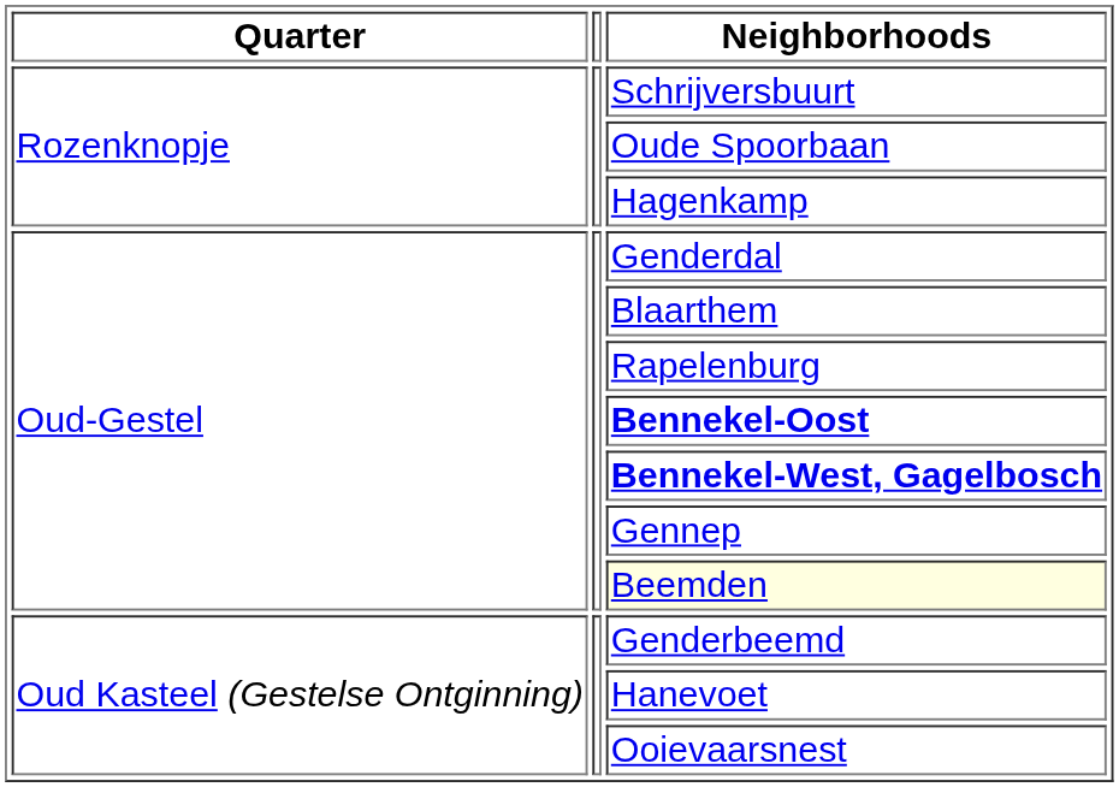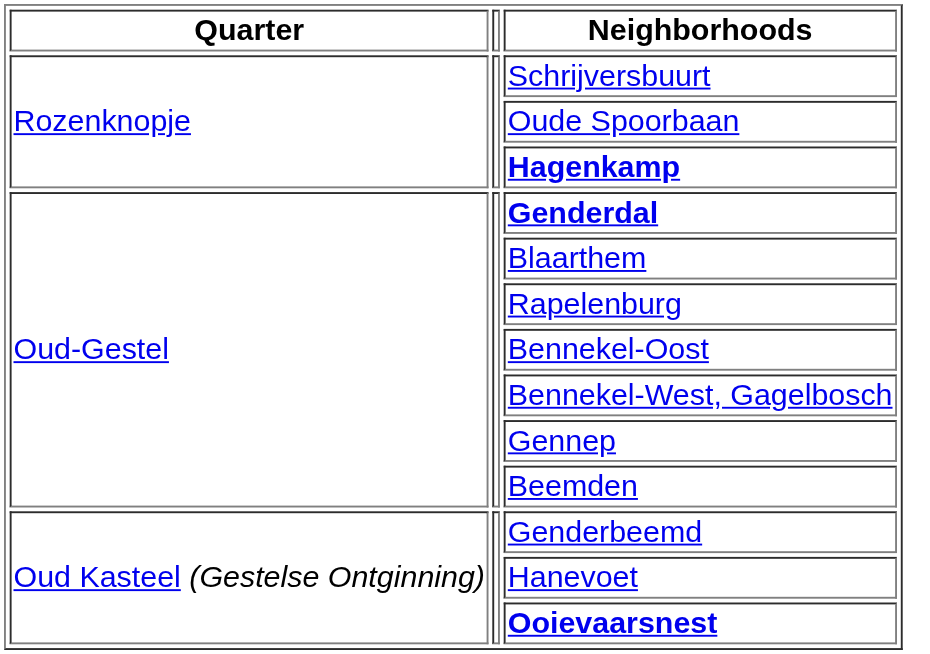 <table border=1>
 <tr>
 <th>Quarter</th>
 <th></th>
 <th>Neighborhoods</th>
 </tr>
 <tr>
 <td rowspan=3><a href='#'>Rozenknopje</a></td>
 <td rowspan=3></td>
 <td><a href='#'>Schrijversbuurt</a></td>
 </tr>
 <tr>
 <td><a href='#'>Oude Spoorbaan</a></td>
 </tr>
 <tr>
-<td><a href='#'>Hagenkamp</a></td>
+<td><strong><a href='#'>Hagenkamp</a></strong></td>
 </tr>
 <tr>
 <td rowspan=7><a href='#'>Oud-Gestel</a></td>
 <td rowspan=7></td>
-<td><a href='#'>Genderdal</a></td>
+<td><strong><a href='#'>Genderdal</a></strong></td>
 </tr>
 <tr>
 <td><a href='#'>Blaarthem</a></td>
 </tr>
 <tr>
 <td><a href='#'>Rapelenburg</a></td>
 </tr>
 <tr>
-<td><strong><a href='#'>Bennekel-Oost</a></strong></td>
+<td><a href='#'>Bennekel-Oost</a></td>
 </tr>
 <tr>
-<td><strong><a href='#'>Bennekel-West, Gagelbosch</a></strong></td>
+<td><a href='#'>Bennekel-West, Gagelbosch</a></td>
 </tr>
 <tr>
 <td><a href='#'>Gennep</a></td>
 </tr>
 <tr>
-<td style="background: lightyellow;"><a href='#'>Beemden</a></td>
+<td><a href='#'>Beemden</a></td>
 </tr>
 <tr>
 <td rowspan=3><a href='#'>Oud Kasteel</a> <em>(Gestelse Ontginning)</em></td>
 <td rowspan=3></td>
 <td><a href='#'>Genderbeemd</a></td>
 </tr>
 <tr>
 <td><a href='#'>Hanevoet</a></td>
 </tr>
 <tr>
-<td><a href='#'>Ooievaarsnest</a></td>
+<td><strong><a href='#'>Ooievaarsnest</a></strong></td>
 </tr>
 </table>
